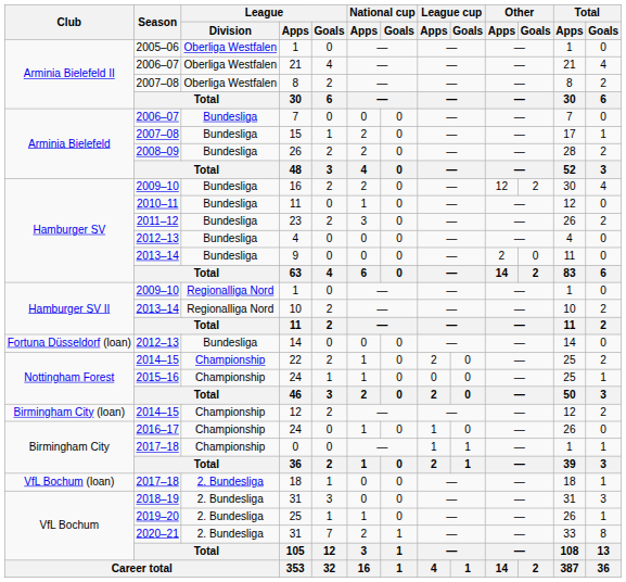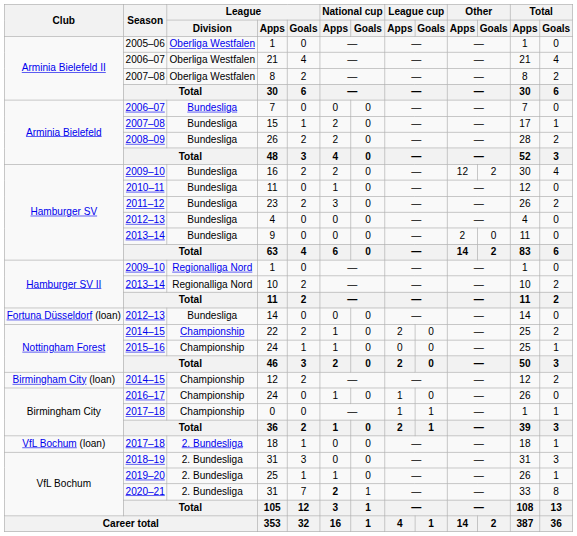 <table class=wikitable style=text-align:center>
 <tr>
 <th rowspan=2>Club</th>
 <th rowspan=2>Season</th>
 <th colspan=3>League</th>
 <th colspan=2>National cup</th>
 <th colspan=2>League cup</th>
 <th colspan=2>Other</th>
 <th colspan=2>Total</th>
 </tr>
 <tr>
 <th>Division</th>
 <th>Apps</th>
 <th>Goals</th>
 <th>Apps</th>
 <th>Goals</th>
 <th>Apps</th>
 <th>Goals</th>
 <th>Apps</th>
 <th>Goals</th>
 <th>Apps</th>
 <th>Goals</th>
 </tr>
 <tr>
 <td rowspan=4><a href='#'>Arminia Bielefeld II</a></td>
 <td>2005–06</td>
 <td><a href='#'>Oberliga Westfalen</a></td>
 <td>1</td>
 <td>0</td>
 <td colspan=2>—</td>
 <td colspan=2>—</td>
 <td colspan=2>—</td>
 <td>1</td>
 <td>0</td>
 </tr>
 <tr>
 <td>2006–07</td>
 <td>Oberliga Westfalen</td>
 <td>21</td>
 <td>4</td>
 <td colspan=2>—</td>
 <td colspan=2>—</td>
 <td colspan=2>—</td>
 <td>21</td>
 <td>4</td>
 </tr>
 <tr>
 <td>2007–08</td>
 <td>Oberliga Westfalen</td>
 <td>8</td>
 <td>2</td>
 <td colspan=2>—</td>
 <td colspan=2>—</td>
 <td colspan=2>—</td>
 <td>8</td>
 <td>2</td>
 </tr>
 <tr>
 <th colspan=2>Total</th>
 <th>30</th>
 <th>6</th>
 <th colspan=2>—</th>
 <th colspan=2>—</th>
 <th colspan=2>—</th>
 <th>30</th>
 <th>6</th>
 </tr>
 <tr>
 <td rowspan=4><a href='#'>Arminia Bielefeld</a></td>
 <td><a href='#'>2006–07</a></td>
 <td><a href='#'>Bundesliga</a></td>
 <td>7</td>
 <td>0</td>
 <td>0</td>
 <td>0</td>
 <td colspan=2>—</td>
 <td colspan=2>—</td>
 <td>7</td>
 <td>0</td>
 </tr>
 <tr>
 <td><a href='#'>2007–08</a></td>
 <td>Bundesliga</td>
 <td>15</td>
 <td>1</td>
 <td>2</td>
 <td>0</td>
 <td colspan=2>—</td>
 <td colspan=2>—</td>
 <td>17</td>
 <td>1</td>
 </tr>
 <tr>
 <td><a href='#'>2008–09</a></td>
 <td>Bundesliga</td>
 <td>26</td>
 <td>2</td>
 <td>2</td>
 <td>0</td>
 <td colspan=2>—</td>
 <td colspan=2>—</td>
 <td>28</td>
 <td>2</td>
 </tr>
 <tr>
 <th colspan=2>Total</th>
 <th>48</th>
 <th>3</th>
 <th>4</th>
 <th>0</th>
 <th colspan=2>—</th>
 <th colspan=2>—</th>
 <th>52</th>
 <th>3</th>
 </tr>
 <tr>
 <td rowspan=6><a href='#'>Hamburger SV</a></td>
 <td><a href='#'>2009–10</a></td>
 <td>Bundesliga</td>
 <td>16</td>
 <td>2</td>
 <td>2</td>
 <td>0</td>
 <td colspan=2>—</td>
 <td>12</td>
 <td>2</td>
 <td>30</td>
 <td>4</td>
 </tr>
 <tr>
 <td><a href='#'>2010–11</a></td>
 <td>Bundesliga</td>
 <td>11</td>
 <td>0</td>
 <td>1</td>
 <td>0</td>
 <td colspan=2>—</td>
 <td colspan=2>—</td>
 <td>12</td>
 <td>0</td>
 </tr>
 <tr>
 <td><a href='#'>2011–12</a></td>
 <td>Bundesliga</td>
 <td>23</td>
 <td>2</td>
 <td>3</td>
 <td>0</td>
 <td colspan=2>—</td>
 <td colspan=2>—</td>
 <td>26</td>
 <td>2</td>
 </tr>
 <tr>
 <td><a href='#'>2012–13</a></td>
 <td>Bundesliga</td>
 <td>4</td>
 <td>0</td>
 <td>0</td>
 <td>0</td>
 <td colspan=2>—</td>
 <td colspan=2>—</td>
 <td>4</td>
 <td>0</td>
 </tr>
 <tr>
 <td><a href='#'>2013–14</a></td>
 <td>Bundesliga</td>
 <td>9</td>
 <td>0</td>
 <td>0</td>
 <td>0</td>
 <td colspan=2>—</td>
 <td>2</td>
 <td>0</td>
 <td>11</td>
 <td>0</td>
 </tr>
 <tr>
 <th colspan=2>Total</th>
 <th>63</th>
 <th>4</th>
 <th>6</th>
 <th>0</th>
 <th colspan=2>—</th>
 <th>14</th>
 <th>2</th>
 <th>83</th>
 <th>6</th>
 </tr>
 <tr>
 <td rowspan=3><a href='#'>Hamburger SV II</a></td>
 <td><a href='#'>2009–10</a></td>
 <td><a href='#'>Regionalliga Nord</a></td>
 <td>1</td>
 <td>0</td>
 <td colspan=2>—</td>
 <td colspan=2>—</td>
 <td colspan=2>—</td>
 <td>1</td>
 <td>0</td>
 </tr>
 <tr>
 <td><a href='#'>2013–14</a></td>
 <td>Regionalliga Nord</td>
 <td>10</td>
 <td>2</td>
 <td colspan=2>—</td>
 <td colspan=2>—</td>
 <td colspan=2>—</td>
 <td>10</td>
 <td>2</td>
 </tr>
 <tr>
 <th colspan=2>Total</th>
 <th>11</th>
 <th>2</th>
 <th colspan=2>—</th>
 <th colspan=2>—</th>
 <th colspan=2>—</th>
 <th>11</th>
 <th>2</th>
 </tr>
 <tr>
 <td><a href='#'>Fortuna Düsseldorf</a> (loan)</td>
 <td><a href='#'>2012–13</a></td>
 <td>Bundesliga</td>
 <td>14</td>
 <td>0</td>
 <td>0</td>
 <td>0</td>
 <td colspan=2>—</td>
 <td colspan=2>—</td>
 <td>14</td>
 <td>0</td>
 </tr>
 <tr>
 <td rowspan=3><a href='#'>Nottingham Forest</a></td>
 <td><a href='#'>2014–15</a></td>
 <td><a href='#'>Championship</a></td>
 <td>22</td>
 <td>2</td>
 <td>1</td>
 <td>0</td>
 <td>2</td>
 <td>0</td>
 <td colspan=2>—</td>
 <td>25</td>
 <td>2</td>
 </tr>
 <tr>
 <td><a href='#'>2015–16</a></td>
 <td>Championship</td>
 <td>24</td>
 <td>1</td>
 <td>1</td>
 <td>0</td>
 <td>0</td>
 <td>0</td>
 <td colspan=2>—</td>
 <td>25</td>
 <td>1</td>
 </tr>
 <tr>
 <th colspan=2>Total</th>
 <th>46</th>
 <th>3</th>
 <th>2</th>
 <th>0</th>
 <th>2</th>
 <th>0</th>
 <th colspan=2>—</th>
 <th>50</th>
 <th>3</th>
 </tr>
 <tr>
 <td><a href='#'>Birmingham City</a> (loan)</td>
 <td><a href='#'>2014–15</a></td>
 <td>Championship</td>
 <td>12</td>
 <td>2</td>
 <td colspan=2>—</td>
 <td colspan=2>—</td>
 <td colspan=2>—</td>
 <td>12</td>
 <td>2</td>
 </tr>
 <tr>
 <td rowspan=3>Birmingham City</td>
 <td><a href='#'>2016–17</a></td>
 <td>Championship</td>
 <td>24</td>
 <td>0</td>
 <td>1</td>
 <td>0</td>
 <td>1</td>
 <td>0</td>
 <td colspan=2>—</td>
 <td>26</td>
 <td>0</td>
 </tr>
 <tr>
 <td><a href='#'>2017–18</a></td>
 <td>Championship</td>
 <td>0</td>
 <td>0</td>
 <td colspan=2>—</td>
 <td>1</td>
 <td>1</td>
 <td colspan=2>—</td>
 <td>1</td>
 <td>1</td>
 </tr>
 <tr>
 <th colspan=2>Total</th>
 <th>36</th>
 <th>2</th>
 <th>1</th>
 <th>0</th>
 <th>2</th>
 <th>1</th>
 <th colspan=2>—</th>
 <th>39</th>
 <th>3</th>
 </tr>
 <tr>
 <td><a href='#'>VfL Bochum</a> (loan)</td>
 <td><a href='#'>2017–18</a></td>
 <td><a href='#'>2. Bundesliga</a></td>
 <td>18</td>
 <td>1</td>
 <td>0</td>
 <td>0</td>
 <td colspan=2>—</td>
 <td colspan=2>—</td>
 <td>18</td>
 <td>1</td>
 </tr>
 <tr>
 <td rowspan=4>VfL Bochum</td>
 <td><a href='#'>2018–19</a></td>
 <td>2. Bundesliga</td>
 <td>31</td>
 <td>3</td>
 <td>0</td>
 <td>0</td>
 <td colspan=2>—</td>
 <td colspan=2>—</td>
 <td>31</td>
 <td>3</td>
 </tr>
 <tr>
 <td><a href='#'>2019–20</a></td>
 <td>2. Bundesliga</td>
 <td>25</td>
 <td>1</td>
 <td>1</td>
 <td>0</td>
 <td colspan=2>—</td>
 <td colspan=2>—</td>
 <td>26</td>
 <td>1</td>
 </tr>
 <tr>
 <td><a href='#'>2020–21</a></td>
 <td>2. Bundesliga</td>
 <td>31</td>
 <td>7</td>
-<td>2</td>
+<td><strong>2</strong></td>
 <td>1</td>
 <td colspan=2>—</td>
 <td colspan=2>—</td>
 <td>33</td>
 <td>8</td>
 </tr>
 <tr>
 <th colspan=2>Total</th>
 <th>105</th>
 <th>12</th>
 <th>3</th>
 <th>1</th>
 <th colspan=2>—</th>
 <th colspan=2>—</th>
 <th>108</th>
 <th>13</th>
 </tr>
 <tr>
 <th colspan=3>Career total</th>
 <th>353</th>
 <th>32</th>
 <th>16</th>
 <th>1</th>
 <th>4</th>
 <th>1</th>
 <th>14</th>
 <th>2</th>
 <th>387</th>
 <th>36</th>
 </tr>
 </table>
